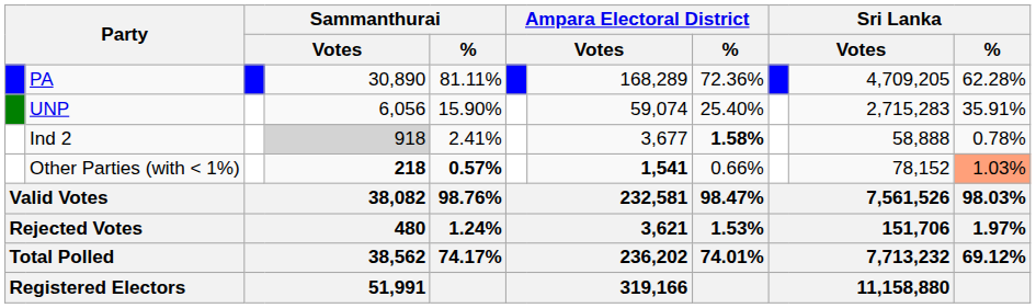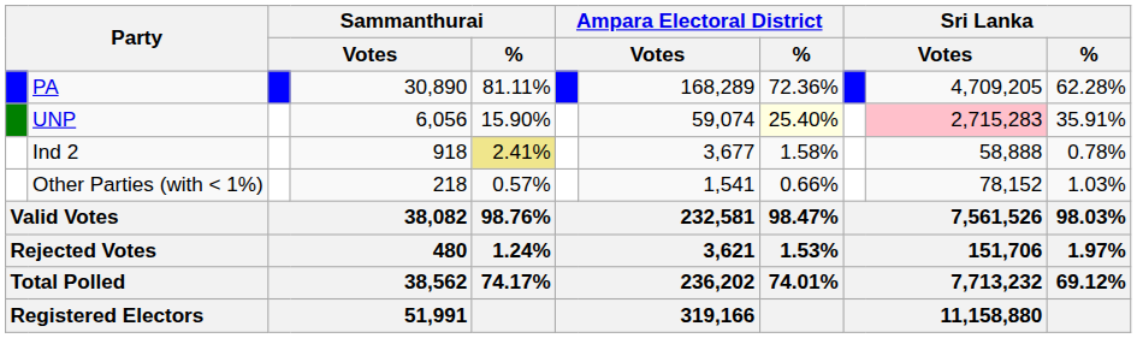 <table class="wikitable">
 <tr>
 <th colspan="2" width="144px"rowspan="2">Party</th>
 <th colspan="3" width="216px">Sammanthurai</th>
 <th colspan="3" width="216px"><a href='#'>Ampara Electoral District</a></th>
 <th colspan="3" width="216px">Sri Lanka</th>
 </tr>
 <tr>
 <th colspan="2" width="144px">Votes</th>
 <th>%</th>
 <th colspan="2" width="144px">Votes</th>
 <th>%</th>
 <th colspan="2" width="144px">Votes</th>
 <th>%</th>
 </tr>
 <tr>
 <td style="background-color:blue;" width="10px"></td>
 <td style="text-align:left;"><a href='#'>PA</a></td>
 <td style="background-color:blue;" width="10px"></td>
 <td style="text-align:right;">30,890</td>
 <td style="text-align:right;">81.11%</td>
 <td style="background-color:blue;" width="10px"></td>
 <td style="text-align:right;">168,289</td>
 <td style="text-align:right;">72.36%</td>
 <td style="background-color:blue;" width="10px"></td>
 <td style="text-align:right;">4,709,205</td>
 <td style="text-align:right;">62.28%</td>
 </tr>
 <tr>
 <td style="background-color:green;" width="10px"></td>
 <td style="text-align:left;"><a href='#'>UNP</a></td>
 <td style="background-color:white;" width="10px"></td>
 <td style="text-align:right;">6,056</td>
 <td style="text-align:right;">15.90%</td>
 <td style="background-color:white;" width="10px"></td>
 <td style="text-align:right;">59,074</td>
-<td style="text-align:right;">25.40%</td>
+<td style="background: lightyellow; text-align:right;">25.40%</td>
 <td style="background-color:white;" width="10px"></td>
-<td style="text-align:right;">2,715,283</td>
+<td style="background: pink; text-align:right;">2,715,283</td>
 <td style="text-align:right;">35.91%</td>
 </tr>
 <tr>
 <td style="background-color:white;" width="10px"></td>
 <td style="text-align:left;">Ind 2</td>
 <td style="background-color:white;" width="10px"></td>
-<td style="background: lightgrey; text-align:right;">918</td>
-<td style="text-align:right;">2.41%</td>
+<td style="text-align:right;">918</td>
+<td style="background: khaki; text-align:right;">2.41%</td>
 <td style="background-color:white;" width="10px"></td>
 <td style="text-align:right;">3,677</td>
-<td style="text-align:right;"><strong>1.58%</strong></td>
+<td style="text-align:right;">1.58%</td>
 <td style="background-color:white;" width="10px"></td>
 <td style="text-align:right;">58,888</td>
 <td style="text-align:right;">0.78%</td>
 </tr>
 <tr>
 <td style="background-color:white;" width="10px"></td>
 <td style="text-align:left;">Other Parties (with < 1%)</td>
 <td style="background-color:white;" width="10px"></td>
-<td style="text-align:right;"><strong>218</strong></td>
-<td style="text-align:right;"><strong>0.57%</strong></td>
+<td style="text-align:right;">218</td>
+<td style="text-align:right;">0.57%</td>
 <td style="background-color:white;" width="10px"></td>
-<td style="text-align:right;"><strong>1,541</strong></td>
+<td style="text-align:right;">1,541</td>
 <td style="text-align:right;">0.66%</td>
 <td style="background-color:white;" width="10px"></td>
 <td style="text-align:right;">78,152</td>
-<td style="background: lightsalmon; text-align:right;">1.03%</td>
+<td style="text-align:right;">1.03%</td>
 </tr>
 <tr>
 <th colspan="2" width="144px"style="text-align:left;">Valid Votes</th>
 <th style="text-align:right;"colspan="2" width="144px">38,082</th>
 <th style="text-align:right;">98.76%</th>
 <th style="text-align:right;"colspan="2" width="144px">232,581</th>
 <th style="text-align:right;">98.47%</th>
 <th style="text-align:right;"colspan="2" width="144px">7,561,526</th>
 <th style="text-align:right;">98.03%</th>
 </tr>
 <tr>
 <th colspan="2" width="144px"style="text-align:left;">Rejected Votes</th>
 <th style="text-align:right;"colspan="2" width="144px">480</th>
 <th style="text-align:right;">1.24%</th>
 <th style="text-align:right;"colspan="2" width="144px">3,621</th>
 <th style="text-align:right;">1.53%</th>
 <th style="text-align:right;"colspan="2" width="144px">151,706</th>
 <th style="text-align:right;">1.97%</th>
 </tr>
 <tr>
 <th colspan="2" width="144px"style="text-align:left;">Total Polled</th>
 <th style="text-align:right;"colspan="2" width="144px">38,562</th>
 <th style="text-align:right;">74.17%</th>
 <th style="text-align:right;"colspan="2" width="144px">236,202</th>
 <th style="text-align:right;">74.01%</th>
 <th style="text-align:right;"colspan="2" width="144px">7,713,232</th>
 <th style="text-align:right;">69.12%</th>
 </tr>
 <tr>
 <th colspan="2" width="144px"style="text-align:left;">Registered Electors</th>
 <th style="text-align:right;"colspan="2" width="144px">51,991</th>
 <th></th>
 <th style="text-align:right;"colspan="2" width="144px">319,166</th>
 <th></th>
 <th style="text-align:right;"colspan="2" width="144px">11,158,880</th>
 <th></th>
 </tr>
 </table>
